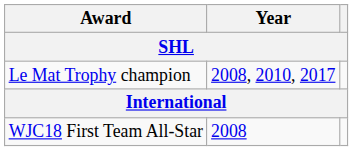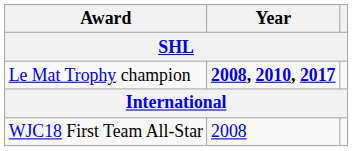 <table class="wikitable">
 <tr>
 <th>Award</th>
 <th>Year</th>
 <th></th>
 </tr>
 <tr>
 <th colspan="3"><a href='#'>SHL</a></th>
 </tr>
 <tr>
 <td><a href='#'>Le Mat Trophy</a> champion</td>
-<td><a href='#'>2008</a>, <a href='#'>2010</a>, <a href='#'>2017</a></td>
+<td><strong><a href='#'>2008</a>, <a href='#'>2010</a>, <a href='#'>2017</a></strong></td>
 <td></td>
 </tr>
 <tr>
 <th colspan="3"><a href='#'>International</a></th>
 </tr>
 <tr>
 <td><a href='#'>WJC18</a> First Team All-Star</td>
 <td><a href='#'>2008</a></td>
 <td></td>
 </tr>
 </table>
